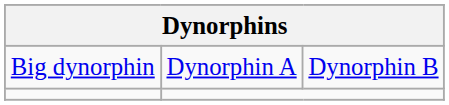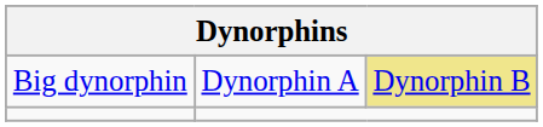 <table class="wikitable" style="font-size:smaller; text-align:center">
 <tr>
 <th colspan="5">Dynorphins</th>
 </tr>
 <tr>
 <td> <a href='#'>Big dynorphin</a></td>
 <td> <a href='#'>Dynorphin A</a></td>
-<td> <a href='#'>Dynorphin B</a></td>
+<td style="background: khaki;"> <a href='#'>Dynorphin B</a></td>
 </tr>
 <tr>
 <td></td>
 </tr>
 </table>
